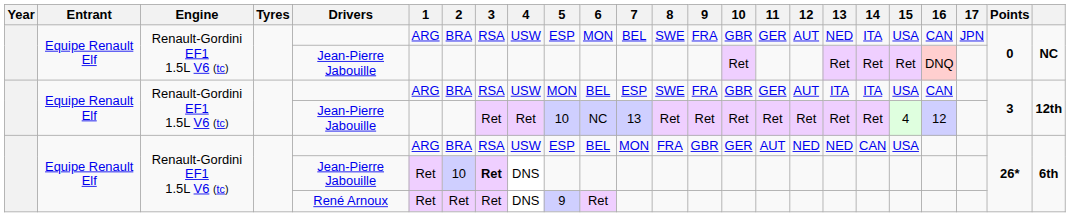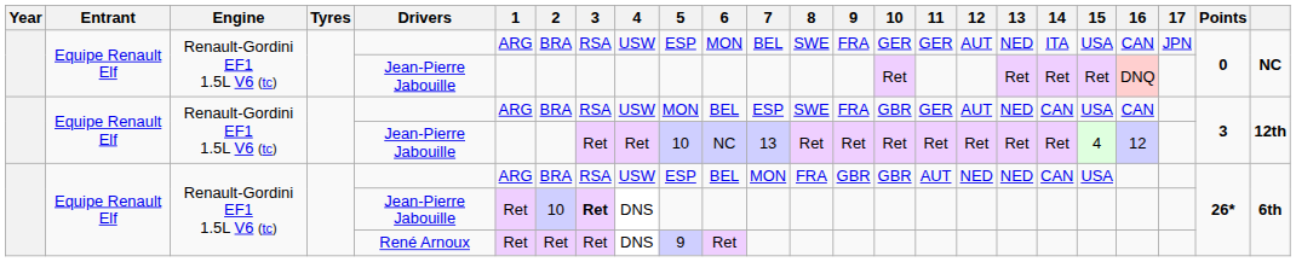 <table class="wikitable" style="text-align:center; font-size:95%">
 <tr>
 <th>Year</th>
 <th>Entrant</th>
 <th>Engine</th>
 <th>Tyres</th>
 <th>Drivers</th>
 <th>1</th>
 <th>2</th>
 <th>3</th>
 <th>4</th>
 <th>5</th>
 <th>6</th>
 <th>7</th>
 <th>8</th>
 <th>9</th>
 <th>10</th>
 <th>11</th>
 <th>12</th>
 <th>13</th>
 <th>14</th>
 <th>15</th>
 <th>16</th>
 <th>17</th>
 <th>Points</th>
 <th></th>
 </tr>
 <tr>
 <th rowspan="2"></th>
 <td rowspan="2"><a href='#'>Equipe Renault Elf</a></td>
 <td rowspan="2">Renault-Gordini <a href='#'>EF1</a><br>1.5L <a href='#'>V6</a> <small>(<a href='#'>tc</a>)</small></td>
 <td rowspan="2"></td>
 <td></td>
 <td><a href='#'>ARG</a></td>
 <td><a href='#'>BRA</a></td>
 <td><a href='#'>RSA</a></td>
 <td><a href='#'>USW</a></td>
 <td><a href='#'>ESP</a></td>
 <td><a href='#'>MON</a></td>
 <td><a href='#'>BEL</a></td>
 <td><a href='#'>SWE</a></td>
 <td><a href='#'>FRA</a></td>
-<td><a href='#'>GBR</a></td>
+<td><a href='#'>GER</a></td>
 <td><a href='#'>GER</a></td>
 <td><a href='#'>AUT</a></td>
 <td><a href='#'>NED</a></td>
 <td><a href='#'>ITA</a></td>
 <td><a href='#'>USA</a></td>
 <td><a href='#'>CAN</a></td>
 <td><a href='#'>JPN</a></td>
 <td rowspan="2"><strong>0</strong></td>
 <td rowspan="2"><strong>NC</strong></td>
 </tr>
 <tr>
 <td> <a href='#'>Jean-Pierre Jabouille</a></td>
 <td></td>
 <td></td>
 <td></td>
 <td></td>
 <td></td>
 <td></td>
 <td></td>
 <td></td>
 <td></td>
 <td style="background:#EFCFFF;">Ret</td>
 <td></td>
 <td></td>
 <td style="background:#EFCFFF;">Ret</td>
 <td style="background:#EFCFFF;">Ret</td>
 <td style="background:#EFCFFF;">Ret</td>
 <td style="background:#ffcfcf;">DNQ</td>
 <td></td>
 </tr>
 <tr>
 <th rowspan="2"></th>
 <td rowspan="2"><a href='#'>Equipe Renault Elf</a></td>
 <td rowspan="2">Renault-Gordini <a href='#'>EF1</a><br>1.5L <a href='#'>V6</a> <small>(<a href='#'>tc</a>)</small></td>
 <td rowspan="2"></td>
 <td></td>
 <td><a href='#'>ARG</a></td>
 <td><a href='#'>BRA</a></td>
 <td><a href='#'>RSA</a></td>
 <td><a href='#'>USW</a></td>
 <td><a href='#'>MON</a></td>
 <td><a href='#'>BEL</a></td>
 <td><a href='#'>ESP</a></td>
 <td><a href='#'>SWE</a></td>
 <td><a href='#'>FRA</a></td>
 <td><a href='#'>GBR</a></td>
 <td><a href='#'>GER</a></td>
 <td><a href='#'>AUT</a></td>
-<td><a href='#'>ITA</a></td>
-<td><a href='#'>ITA</a></td>
+<td><a href='#'>NED</a></td>
+<td><a href='#'>CAN</a></td>
 <td><a href='#'>USA</a></td>
 <td><a href='#'>CAN</a></td>
 <td></td>
 <td rowspan="2"><strong>3</strong></td>
 <td rowspan="2"><strong>12th</strong></td>
 </tr>
 <tr>
 <td> <a href='#'>Jean-Pierre Jabouille</a></td>
 <td></td>
 <td></td>
 <td style="background:#EFCFFF;">Ret</td>
 <td style="background:#EFCFFF;">Ret</td>
 <td style="background:#CFCFFF;">10</td>
 <td style="background:#CFCFFF;">NC</td>
 <td style="background:#CFCFFF;">13</td>
 <td style="background:#EFCFFF;">Ret</td>
 <td style="background:#EFCFFF;">Ret</td>
 <td style="background:#EFCFFF;">Ret</td>
 <td style="background:#EFCFFF;">Ret</td>
 <td style="background:#EFCFFF;">Ret</td>
 <td style="background:#EFCFFF;">Ret</td>
 <td style="background:#EFCFFF;">Ret</td>
 <td style="background:#dfffdf;">4</td>
 <td style="background:#CFCFFF;">12</td>
 <td></td>
 </tr>
 <tr>
 <th rowspan="3"></th>
 <td rowspan="3"><a href='#'>Equipe Renault Elf</a></td>
 <td rowspan="3">Renault-Gordini <a href='#'>EF1</a><br>1.5L <a href='#'>V6</a> <small>(<a href='#'>tc</a>)</small></td>
 <td rowspan="3"></td>
 <td></td>
 <td><a href='#'>ARG</a></td>
 <td><a href='#'>BRA</a></td>
 <td><a href='#'>RSA</a></td>
 <td><a href='#'>USW</a></td>
 <td><a href='#'>ESP</a></td>
 <td><a href='#'>BEL</a></td>
 <td><a href='#'>MON</a></td>
 <td><a href='#'>FRA</a></td>
 <td><a href='#'>GBR</a></td>
-<td><a href='#'>GER</a></td>
+<td><a href='#'>GBR</a></td>
 <td><a href='#'>AUT</a></td>
 <td><a href='#'>NED</a></td>
 <td><a href='#'>NED</a></td>
 <td><a href='#'>CAN</a></td>
 <td><a href='#'>USA</a></td>
 <td></td>
 <td></td>
 <td rowspan="3"><strong>26*</strong></td>
 <td rowspan="3"><strong>6th</strong></td>
 </tr>
 <tr>
 <td> <a href='#'>Jean-Pierre Jabouille</a></td>
 <td style="background:#EFCFFF;">Ret</td>
 <td style="background:#CFCFFF;">10</td>
 <td style="background:#EFCFFF;"><strong>Ret</strong></td>
 <td style="background:#FFFFFF;">DNS</td>
 <td></td>
 <td></td>
 <td></td>
 <td></td>
 <td></td>
 <td></td>
 <td></td>
 <td></td>
 <td></td>
 <td></td>
 <td></td>
 <td></td>
 <td></td>
 </tr>
 <tr>
 <td> <a href='#'>René Arnoux</a></td>
 <td style="background:#EFCFFF;">Ret</td>
 <td style="background:#EFCFFF;">Ret</td>
 <td style="background:#EFCFFF;">Ret</td>
 <td style="background:#FFFFFF;">DNS</td>
 <td style="background:#CFCFFF;">9</td>
 <td style="background:#EFCFFF;">Ret</td>
 <td></td>
 <td></td>
 <td></td>
 <td></td>
 <td></td>
 <td></td>
 <td></td>
 <td></td>
 <td></td>
 <td></td>
 <td></td>
 </tr>
 </table>
